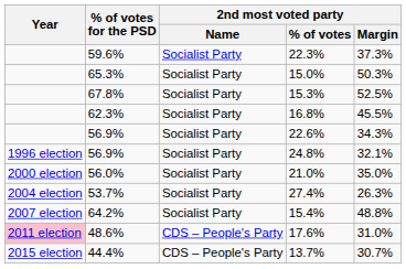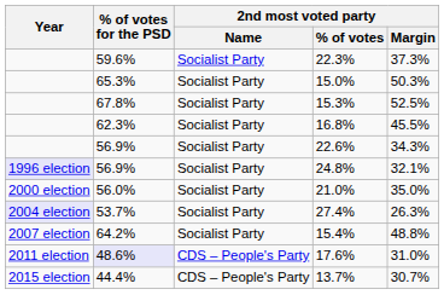 <table class="wikitable sortable">
 <tr>
 <th rowspan=2>Year</th>
 <th rowspan=2>% of votes<br>for the PSD</th>
 <th colspan=3>2nd most voted party</th>
 </tr>
 <tr>
 <th>Name</th>
 <th>% of votes</th>
 <th>Margin</th>
 </tr>
 <tr>
 <td></td>
 <td>59.6%</td>
 <td><a href='#'>Socialist Party</a></td>
 <td>22.3%</td>
 <td>37.3%</td>
 </tr>
 <tr>
 <td></td>
 <td>65.3%</td>
 <td>Socialist Party</td>
 <td>15.0%</td>
 <td>50.3%</td>
 </tr>
 <tr>
 <td></td>
 <td>67.8%</td>
 <td>Socialist Party</td>
 <td>15.3%</td>
 <td>52.5%</td>
 </tr>
 <tr>
 <td></td>
 <td>62.3%</td>
 <td>Socialist Party</td>
 <td>16.8%</td>
 <td>45.5%</td>
 </tr>
 <tr>
 <td></td>
 <td>56.9%</td>
 <td>Socialist Party</td>
 <td>22.6%</td>
 <td>34.3%</td>
 </tr>
 <tr>
-<td><a href='#'>1996 election</a></td>
+<td style="background: lavender;"><a href='#'>1996 election</a></td>
 <td>56.9%</td>
 <td>Socialist Party</td>
 <td>24.8%</td>
 <td>32.1%</td>
 </tr>
 <tr>
 <td><a href='#'>2000 election</a></td>
 <td>56.0%</td>
 <td>Socialist Party</td>
 <td>21.0%</td>
 <td>35.0%</td>
 </tr>
 <tr>
-<td><a href='#'>2004 election</a></td>
+<td style="background: lavender;"><a href='#'>2004 election</a></td>
 <td>53.7%</td>
 <td>Socialist Party</td>
 <td>27.4%</td>
 <td>26.3%</td>
 </tr>
 <tr>
 <td><a href='#'>2007 election</a></td>
 <td>64.2%</td>
 <td>Socialist Party</td>
 <td>15.4%</td>
 <td>48.8%</td>
 </tr>
 <tr>
-<td style="background: pink;"><a href='#'>2011 election</a></td>
-<td>48.6%</td>
+<td><a href='#'>2011 election</a></td>
+<td style="background: lavender;">48.6%</td>
 <td><a href='#'>CDS – People's Party</a></td>
 <td>17.6%</td>
 <td>31.0%</td>
 </tr>
 <tr>
 <td><a href='#'>2015 election</a></td>
 <td>44.4%</td>
 <td>CDS – People's Party</td>
 <td>13.7%</td>
 <td>30.7%</td>
 </tr>
 </table>
